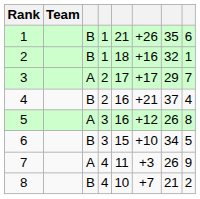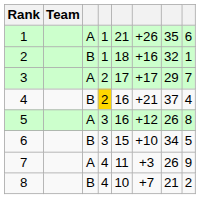 <table class="wikitable" style="text-align:center;">
 <tr>
 <th>Rank</th>
 <th>Team</th>
 <th></th>
 <th></th>
 <th></th>
 <th></th>
 <th></th>
 <th></th>
 </tr>
 <tr style="background-color:#CCFFCC;">
 <td>1</td>
 <td align=left></td>
-<td>B</td>
+<td>A</td>
 <td>1</td>
 <td>21</td>
 <td>+26</td>
 <td>35</td>
 <td>6</td>
 </tr>
 <tr style="background-color:#CCFFCC;">
 <td>2</td>
 <td align=left></td>
 <td>B</td>
 <td>1</td>
 <td>18</td>
 <td>+16</td>
 <td>32</td>
 <td>1</td>
 </tr>
 <tr style="background-color:#CCFFCC;">
 <td>3</td>
 <td align=left></td>
 <td>A</td>
 <td>2</td>
 <td>17</td>
 <td>+17</td>
 <td>29</td>
 <td>7</td>
 </tr>
 <tr>
 <td>4</td>
 <td align=left></td>
 <td>B</td>
-<td>2</td>
+<td style="background: gold;">2</td>
 <td>16</td>
 <td>+21</td>
 <td>37</td>
 <td>4</td>
 </tr>
 <tr style="background-color:#CCFFCC;">
 <td>5</td>
 <td align=left></td>
 <td>A</td>
 <td>3</td>
 <td>16</td>
 <td>+12</td>
 <td>26</td>
 <td>8</td>
 </tr>
 <tr>
 <td>6</td>
 <td align=left></td>
 <td>B</td>
 <td>3</td>
 <td>15</td>
 <td>+10</td>
 <td>34</td>
 <td>5</td>
 </tr>
 <tr>
 <td>7</td>
 <td align=left></td>
 <td>A</td>
 <td>4</td>
 <td>11</td>
 <td>+3</td>
 <td>26</td>
 <td>9</td>
 </tr>
 <tr>
 <td>8</td>
 <td align=left></td>
 <td>B</td>
 <td>4</td>
 <td>10</td>
 <td>+7</td>
 <td>21</td>
 <td>2</td>
 </tr>
 </table>
